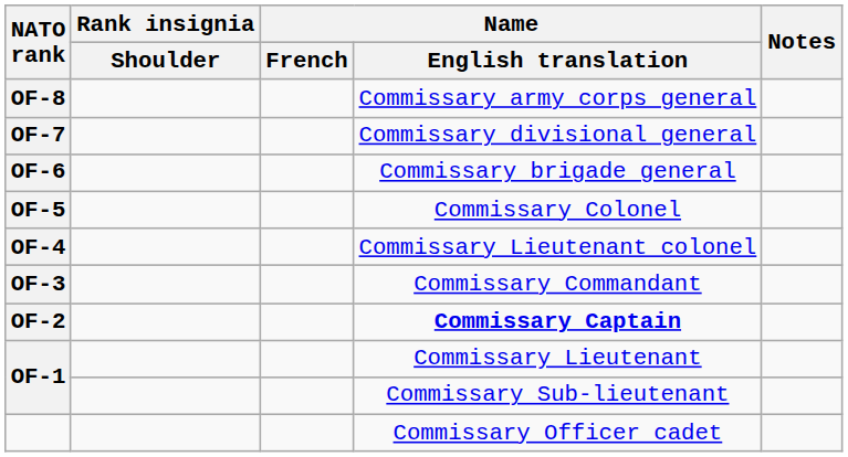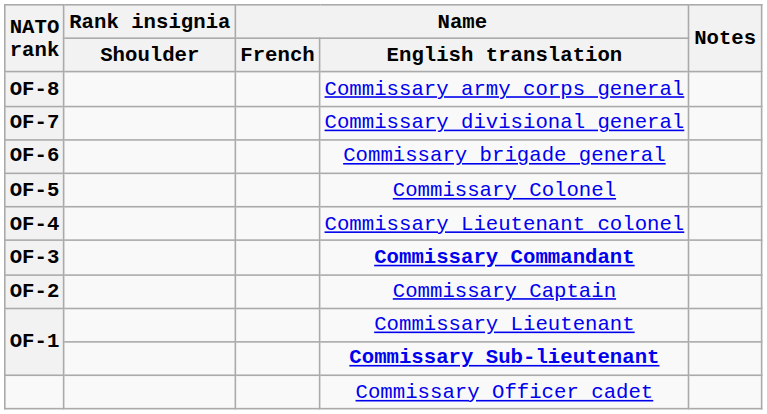 <table class="wikitable plainrowheaders" style="text-align:center;" border="1">
 <tr>
 <th rowspan=2>NATO<br>rank</th>
 <th colspan=1>Rank insignia</th>
 <th colspan=2>Name</th>
 <th rowspan=2>Notes</th>
 </tr>
 <tr>
 <th>Shoulder</th>
 <th>French</th>
 <th>English translation</th>
 </tr>
 <tr>
 <th>OF-8</th>
 <td></td>
 <td></td>
 <td><a href='#'>Commissary army corps general</a></td>
 <td></td>
 </tr>
 <tr>
 <th>OF-7</th>
 <td></td>
 <td></td>
 <td><a href='#'>Commissary divisional general</a></td>
 <td></td>
 </tr>
 <tr>
 <th>OF-6</th>
 <td></td>
 <td></td>
 <td><a href='#'>Commissary brigade general</a></td>
 <td></td>
 </tr>
 <tr>
 <th>OF-5</th>
 <td></td>
 <td></td>
 <td><a href='#'>Commissary Colonel</a></td>
 <td></td>
 </tr>
 <tr>
 <th>OF-4</th>
 <td></td>
 <td></td>
 <td><a href='#'>Commissary Lieutenant colonel</a></td>
 <td></td>
 </tr>
 <tr>
 <th>OF-3</th>
 <td></td>
 <td></td>
-<td><a href='#'>Commissary Commandant</a></td>
+<td><strong><a href='#'>Commissary Commandant</a></strong></td>
 <td></td>
 </tr>
 <tr>
 <th>OF-2</th>
 <td></td>
 <td></td>
-<td><strong><a href='#'>Commissary Captain</a></strong></td>
+<td><a href='#'>Commissary Captain</a></td>
 <td></td>
 </tr>
 <tr>
 <th rowspan=2>OF-1</th>
 <td></td>
 <td></td>
 <td><a href='#'>Commissary Lieutenant</a></td>
 <td></td>
 </tr>
 <tr>
 <td></td>
 <td></td>
-<td><a href='#'>Commissary Sub-lieutenant</a></td>
+<td><strong><a href='#'>Commissary Sub-lieutenant</a></strong></td>
 <td></td>
 </tr>
 <tr>
 <td></td>
 <td></td>
 <td></td>
 <td><a href='#'>Commissary Officer cadet</a></td>
 <td></td>
 </tr>
 </table>
